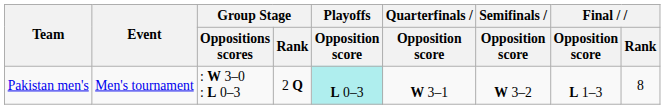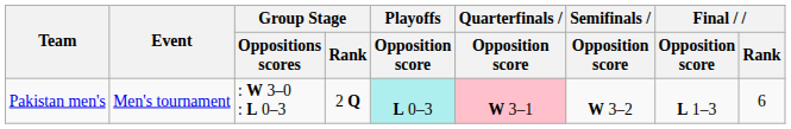 <table class=wikitable style="font-size:90%; text-align:center;">
 <tr>
 <th rowspan=2>Team</th>
 <th rowspan=2>Event</th>
 <th colspan=2>Group Stage</th>
 <th>Playoffs</th>
 <th>Quarterfinals / </th>
 <th>Semifinals / </th>
 <th colspan=2>Final /  / </th>
 </tr>
 <tr>
 <th>Oppositions<br> scores</th>
 <th>Rank</th>
 <th>Opposition<br> score</th>
 <th>Opposition<br> score</th>
 <th>Opposition<br> score</th>
 <th>Opposition<br> score</th>
 <th>Rank</th>
 </tr>
 <tr>
 <td align=left><a href='#'>Pakistan men's</a></td>
 <td align=left><a href='#'>Men's tournament</a></td>
 <td align=left>: <strong>W</strong> 3–0<br>: <strong>L</strong> 0–3</td>
 <td>2 <strong>Q</strong></td>
 <td style="background: paleturquoise;"><br><strong>L</strong> 0–3</td>
-<td><br><strong>W</strong> 3–1</td>
+<td style="background: pink;"><br><strong>W</strong> 3–1</td>
 <td><br><strong>W</strong> 3–2</td>
 <td><br><strong>L</strong> 1–3</td>
-<td>8</td>
+<td>6</td>
 </tr>
 </table>
